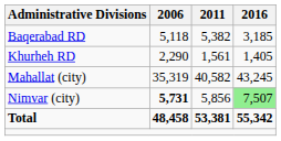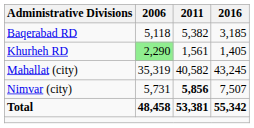 <table class="wikitable">
 <tr>
 <th>Administrative Divisions</th>
 <th>2006</th>
 <th>2011</th>
 <th>2016</th>
 </tr>
 <tr>
 <td><a href='#'>Baqerabad RD</a></td>
 <td style="text-align: right;">5,118</td>
 <td style="text-align: right;">5,382</td>
 <td style="text-align: right;">3,185</td>
 </tr>
 <tr>
 <td><a href='#'>Khurheh RD</a></td>
-<td style="text-align: right;">2,290</td>
+<td style="background: lightgreen; text-align: right;">2,290</td>
 <td style="text-align: right;">1,561</td>
 <td style="text-align: right;">1,405</td>
 </tr>
 <tr>
 <td><a href='#'>Mahallat</a> (city)</td>
 <td style="text-align: right;">35,319</td>
 <td style="text-align: right;">40,582</td>
 <td style="text-align: right;">43,245</td>
 </tr>
 <tr>
 <td><a href='#'>Nimvar</a> (city)</td>
-<td style="text-align: right;"><strong>5,731</strong></td>
-<td style="text-align: right;">5,856</td>
-<td style="background: lightgreen; text-align: right;">7,507</td>
+<td style="text-align: right;">5,731</td>
+<td style="text-align: right;"><strong>5,856</strong></td>
+<td style="text-align: right;">7,507</td>
 </tr>
 <tr>
 <td><strong>Total</strong></td>
 <td style="text-align: right;"><strong>48,458</strong></td>
 <td style="text-align: right;"><strong>53,381</strong></td>
 <td style="text-align: right;"><strong>55,342</strong></td>
 </tr>
 <tr>
 <td colspan=4></td>
 </tr>
 </table>
